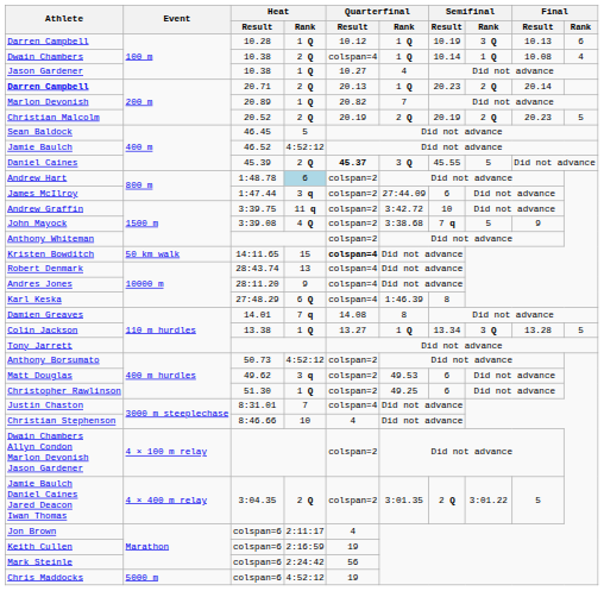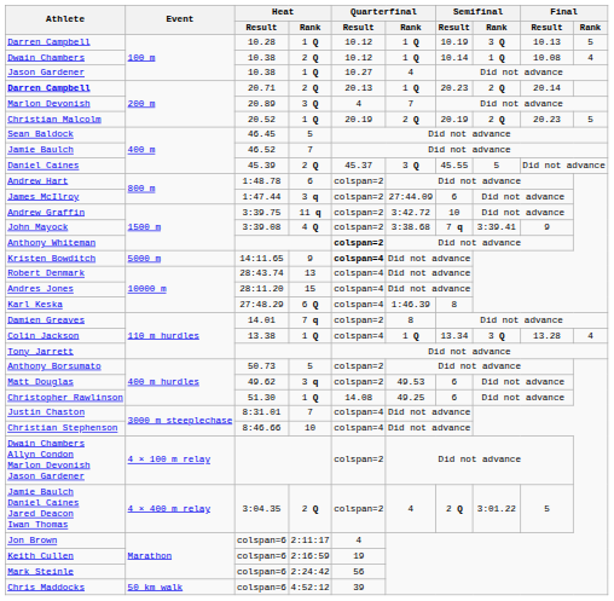 <table class=wikitable style="font-size:90%">
 <tr>
 <th rowspan="2">Athlete</th>
 <th rowspan="2">Event</th>
 <th colspan="2">Heat</th>
 <th colspan="2">Quarterfinal</th>
 <th colspan="2">Semifinal</th>
 <th colspan="2">Final</th>
 </tr>
 <tr style="font-size:95%">
 <th>Result</th>
 <th>Rank</th>
 <th>Result</th>
 <th>Rank</th>
 <th>Result</th>
 <th>Rank</th>
 <th>Result</th>
 <th>Rank</th>
 </tr>
 <tr align=center>
 <td align=left><a href='#'>Darren Campbell</a></td>
 <td align=left rowspan=3><a href='#'>100 m</a></td>
 <td>10.28</td>
 <td>1 <strong>Q</strong></td>
 <td>10.12</td>
 <td>1 <strong>Q</strong></td>
 <td>10.19</td>
 <td>3 <strong>Q</strong></td>
 <td>10.13</td>
-<td>6</td>
+<td>5</td>
 </tr>
 <tr align=center>
 <td align=left><a href='#'>Dwain Chambers</a></td>
 <td>10.38</td>
 <td>2 <strong>Q</strong></td>
-<td>colspan=4 </td>
+<td>10.12</td>
 <td>1 <strong>Q</strong></td>
 <td>10.14</td>
 <td>1 <strong>Q</strong></td>
 <td>10.08</td>
 <td>4</td>
 </tr>
 <tr align=center>
 <td align=left><a href='#'>Jason Gardener</a></td>
 <td>10.38</td>
 <td>1 <strong>Q</strong></td>
 <td>10.27</td>
 <td>4</td>
 <td colspan=4>Did not advance</td>
 </tr>
 <tr align=center>
 <td align=left><strong><a href='#'>Darren Campbell</a></strong></td>
 <td align=left rowspan=3><a href='#'>200 m</a></td>
 <td>20.71</td>
 <td>2 <strong>Q</strong></td>
 <td>20.13</td>
 <td>1 <strong>Q</strong></td>
 <td>20.23</td>
 <td>2 <strong>Q</strong></td>
 <td>20.14</td>
 <td></td>
 </tr>
 <tr align=center>
 <td align=left><a href='#'>Marlon Devonish</a></td>
 <td>20.89</td>
-<td>1 <strong>Q</strong></td>
-<td>20.82</td>
+<td>3 <strong>Q</strong></td>
+<td>4</td>
 <td>7</td>
 <td colspan=4>Did not advance</td>
 </tr>
 <tr align=center>
 <td align=left><a href='#'>Christian Malcolm</a></td>
 <td>20.52</td>
-<td>2 <strong>Q</strong></td>
+<td>1 <strong>Q</strong></td>
 <td>20.19</td>
 <td>2 <strong>Q</strong></td>
 <td>20.19</td>
 <td>2 <strong>Q</strong></td>
 <td>20.23</td>
 <td>5</td>
 </tr>
 <tr align=center>
 <td align=left><a href='#'>Sean Baldock</a></td>
 <td align=left rowspan=3><a href='#'>400 m</a></td>
 <td>46.45</td>
 <td>5</td>
 <td colspan=6>Did not advance</td>
 </tr>
 <tr align=center>
 <td align=left><a href='#'>Jamie Baulch</a></td>
 <td>46.52</td>
-<td>4:52:12</td>
+<td>7</td>
 <td colspan=6>Did not advance</td>
 </tr>
 <tr align=center>
 <td align=left><a href='#'>Daniel Caines</a></td>
 <td>45.39</td>
 <td>2 <strong>Q</strong></td>
-<td><strong>45.37</strong></td>
+<td>45.37</td>
 <td>3 <strong>Q</strong></td>
 <td>45.55</td>
 <td>5</td>
 <td colspan=2>Did not advance</td>
 </tr>
 <tr align=center>
 <td align=left><a href='#'>Andrew Hart</a></td>
 <td align=left rowspan=2><a href='#'>800 m</a></td>
 <td>1:48.78</td>
-<td style="background: lightblue;">6</td>
+<td>6</td>
 <td>colspan=2 </td>
 <td colspan=4>Did not advance</td>
 </tr>
 <tr align=center>
 <td align=left><a href='#'>James McIlroy</a></td>
 <td>1:47.44</td>
 <td>3 <strong>q</strong></td>
 <td>colspan=2 </td>
 <td>27:44.09</td>
 <td>6</td>
 <td colspan=2>Did not advance</td>
 </tr>
 <tr align=center>
 <td align=left><a href='#'>Andrew Graffin</a></td>
 <td align=left rowspan=3><a href='#'>1500 m</a></td>
 <td>3:39.75</td>
 <td>11 <strong>q</strong></td>
 <td>colspan=2 </td>
 <td>3:42.72</td>
 <td>10</td>
 <td colspan=2>Did not advance</td>
 </tr>
 <tr align=center>
 <td align=left><a href='#'>John Mayock</a></td>
 <td>3:39.08</td>
 <td>4 <strong>Q</strong></td>
 <td>colspan=2 </td>
 <td>3:38.68</td>
 <td>7 <strong>q</strong></td>
-<td>5</td>
+<td>3:39.41</td>
 <td>9</td>
 </tr>
 <tr align=center>
 <td align=left><a href='#'>Anthony Whiteman</a></td>
 <td colspan=2></td>
-<td>colspan=2 </td>
+<td><strong>colspan=2 </strong></td>
 <td colspan=4>Did not advance</td>
 </tr>
 <tr align=center>
 <td align=left><a href='#'>Kristen Bowditch</a></td>
-<td align=left><a href='#'>50 km walk</a></td>
+<td align=left><a href='#'>5000 m</a></td>
 <td>14:11.65</td>
-<td>15</td>
+<td>9</td>
 <td><strong>colspan=4 </strong></td>
 <td colspan=2>Did not advance</td>
 </tr>
 <tr align=center>
 <td align=left><a href='#'>Robert Denmark</a></td>
 <td align=left rowspan=3><a href='#'>10000 m</a></td>
 <td>28:43.74</td>
 <td>13</td>
 <td>colspan=4 </td>
 <td colspan=2>Did not advance</td>
 </tr>
 <tr align=center>
 <td align=left><a href='#'>Andres Jones</a></td>
 <td>28:11.20</td>
-<td>9</td>
+<td>15</td>
 <td>colspan=4 </td>
 <td colspan=2>Did not advance</td>
 </tr>
 <tr align=center>
 <td align=left><a href='#'>Karl Keska</a></td>
 <td>27:48.29</td>
 <td>6 <strong>Q</strong></td>
 <td>colspan=4 </td>
 <td>1:46.39</td>
 <td>8</td>
 </tr>
 <tr align=center>
 <td align=left><a href='#'>Damien Greaves</a></td>
 <td align=left rowspan=3><a href='#'>110 m hurdles</a></td>
 <td>14.01</td>
 <td>7 <strong>q</strong></td>
-<td>14.08</td>
+<td>colspan=2 </td>
 <td>8</td>
 <td colspan=4>Did not advance</td>
 </tr>
 <tr align=center>
 <td align=left><a href='#'>Colin Jackson</a></td>
 <td>13.38</td>
 <td>1 <strong>Q</strong></td>
-<td>13.27</td>
+<td>colspan=4 </td>
 <td>1 <strong>Q</strong></td>
 <td>13.34</td>
 <td>3 <strong>Q</strong></td>
 <td>13.28</td>
-<td>5</td>
+<td>4</td>
 </tr>
 <tr align=center>
 <td align=left><a href='#'>Tony Jarrett</a></td>
 <td colspan=2></td>
 <td colspan=6>Did not advance</td>
 </tr>
 <tr align=center>
 <td align=left><a href='#'>Anthony Borsumato</a></td>
 <td align=left rowspan=3><a href='#'>400 m hurdles</a></td>
 <td>50.73</td>
-<td>4:52:12</td>
+<td>5</td>
 <td>colspan=2 </td>
 <td colspan=4>Did not advance</td>
 </tr>
 <tr align=center>
 <td align=left><a href='#'>Matt Douglas</a></td>
 <td>49.62</td>
 <td>3 <strong>q</strong></td>
 <td>colspan=2 </td>
 <td>49.53</td>
 <td>6</td>
 <td colspan=2>Did not advance</td>
 </tr>
 <tr align=center>
 <td align=left><a href='#'>Christopher Rawlinson</a></td>
 <td>51.30</td>
 <td>1 <strong>Q</strong></td>
-<td>colspan=2 </td>
+<td>14.08</td>
 <td>49.25</td>
 <td>6</td>
 <td colspan=2>Did not advance</td>
 </tr>
 <tr align=center>
 <td align=left><a href='#'>Justin Chaston</a></td>
 <td align=left rowspan=2><a href='#'>3000 m steeplechase</a></td>
 <td>8:31.01</td>
 <td>7</td>
 <td>colspan=4 </td>
 <td colspan=2>Did not advance</td>
 </tr>
 <tr align=center>
 <td align=left><a href='#'>Christian Stephenson</a></td>
 <td>8:46.66</td>
 <td>10</td>
-<td>4</td>
+<td>colspan=4 </td>
 <td colspan=2>Did not advance</td>
 </tr>
 <tr align=center>
 <td align=left><a href='#'>Dwain Chambers</a><br><a href='#'>Allyn Condon</a><br><a href='#'>Marlon Devonish</a><br><a href='#'>Jason Gardener</a></td>
 <td align=left><a href='#'>4 × 100 m relay</a></td>
 <td colspan=2></td>
 <td>colspan=2 </td>
 <td colspan=4>Did not advance</td>
 </tr>
 <tr align=center>
 <td align=left><a href='#'>Jamie Baulch</a><br><a href='#'>Daniel Caines</a><br><a href='#'>Jared Deacon</a><br><a href='#'>Iwan Thomas</a></td>
 <td align=left><a href='#'>4 × 400 m relay</a></td>
 <td>3:04.35</td>
 <td>2 <strong>Q</strong></td>
 <td>colspan=2 </td>
-<td>3:01.35</td>
+<td>4</td>
 <td>2 <strong>Q</strong></td>
 <td>3:01.22</td>
 <td>5</td>
 </tr>
 <tr align=center>
 <td align=left><a href='#'>Jon Brown</a></td>
 <td align=left rowspan=3><a href='#'>Marathon</a></td>
 <td>colspan=6 </td>
 <td>2:11:17</td>
 <td>4</td>
 </tr>
 <tr align=center>
 <td align=left><a href='#'>Keith Cullen</a></td>
 <td>colspan=6 </td>
 <td>2:16:59</td>
 <td>19</td>
 </tr>
 <tr align=center>
 <td align=left><a href='#'>Mark Steinle</a></td>
 <td>colspan=6 </td>
 <td>2:24:42</td>
 <td>56</td>
 </tr>
 <tr align=center>
 <td align=left><a href='#'>Chris Maddocks</a></td>
-<td align=left><a href='#'>5000 m</a></td>
+<td align=left><a href='#'>50 km walk</a></td>
 <td>colspan=6 </td>
 <td>4:52:12</td>
-<td>19</td>
+<td>39</td>
 </tr>
 </table>
